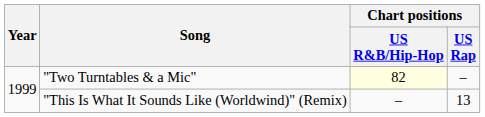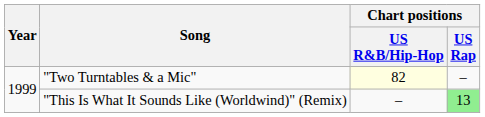 <table class="wikitable">
 <tr>
 <th rowspan="2">Year</th>
 <th rowspan="2">Song</th>
 <th colspan="2">Chart positions</th>
 </tr>
 <tr>
 <th><a href='#'>US<br>R&B/Hip-Hop</a></th>
 <th><a href='#'>US<br>Rap</a></th>
 </tr>
 <tr>
 <td rowspan="2">1999</td>
 <td>"Two Turntables & a Mic"</td>
 <td align=center style="background: lightyellow;">82</td>
 <td align=center>–</td>
 </tr>
 <tr>
 <td>"This Is What It Sounds Like (Worldwind)" (Remix)</td>
 <td align=center>–</td>
-<td align=center>13</td>
+<td align=center style="background: lightgreen;">13</td>
 </tr>
 </table>
